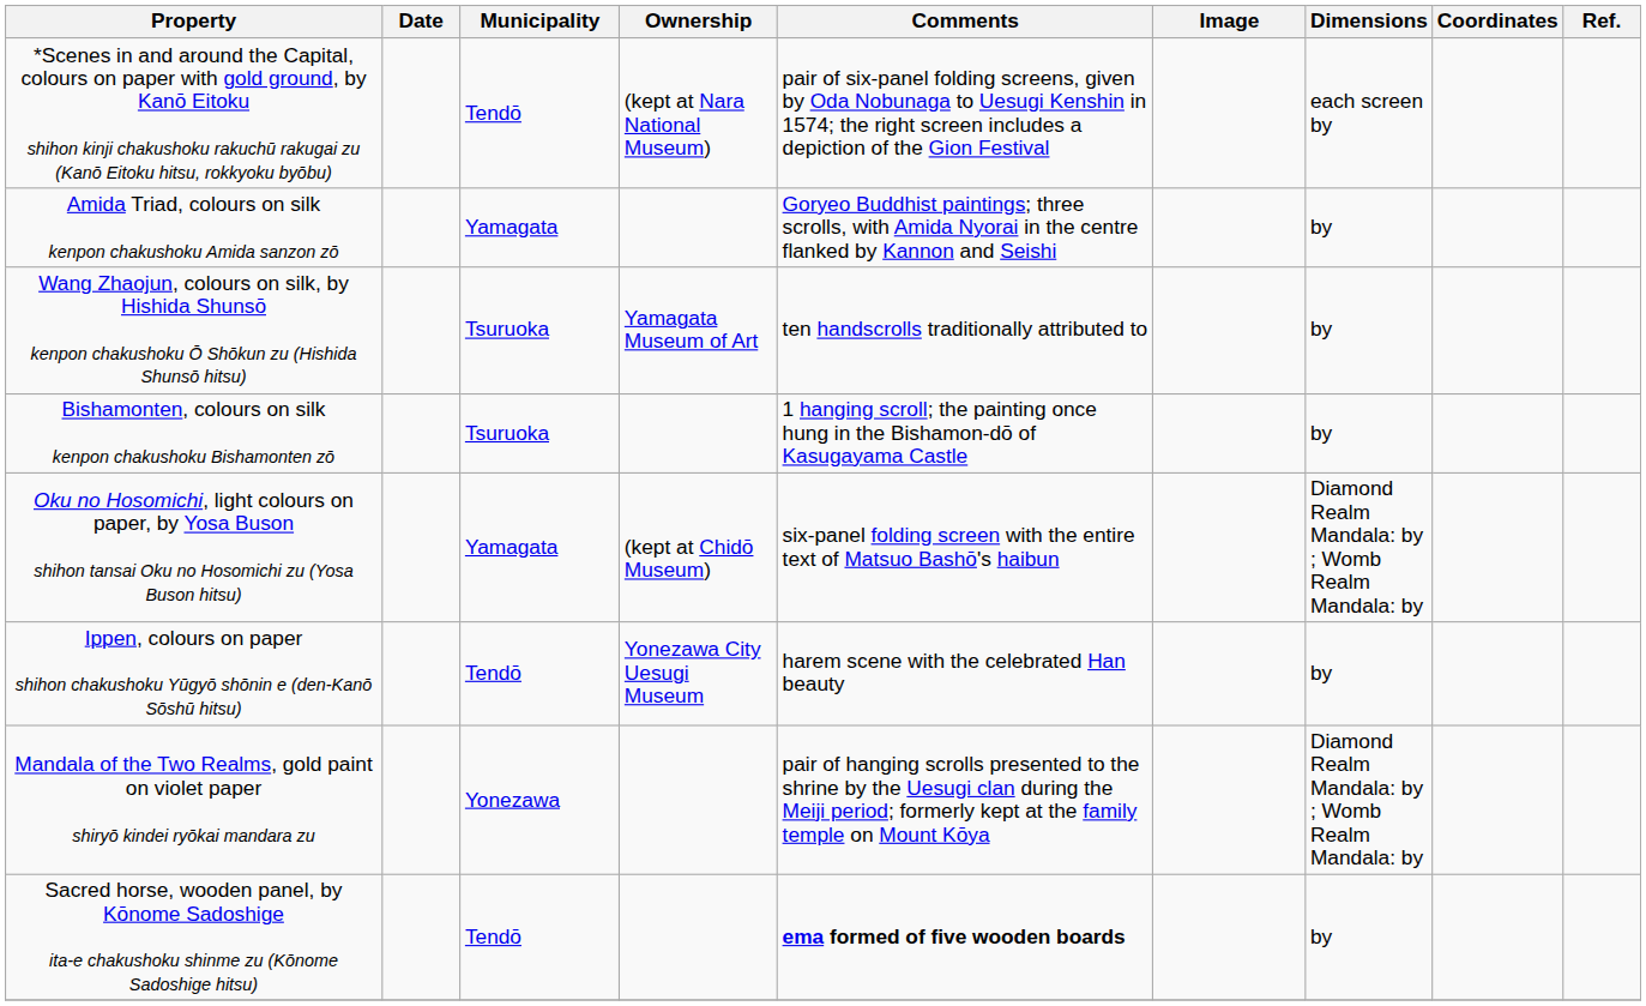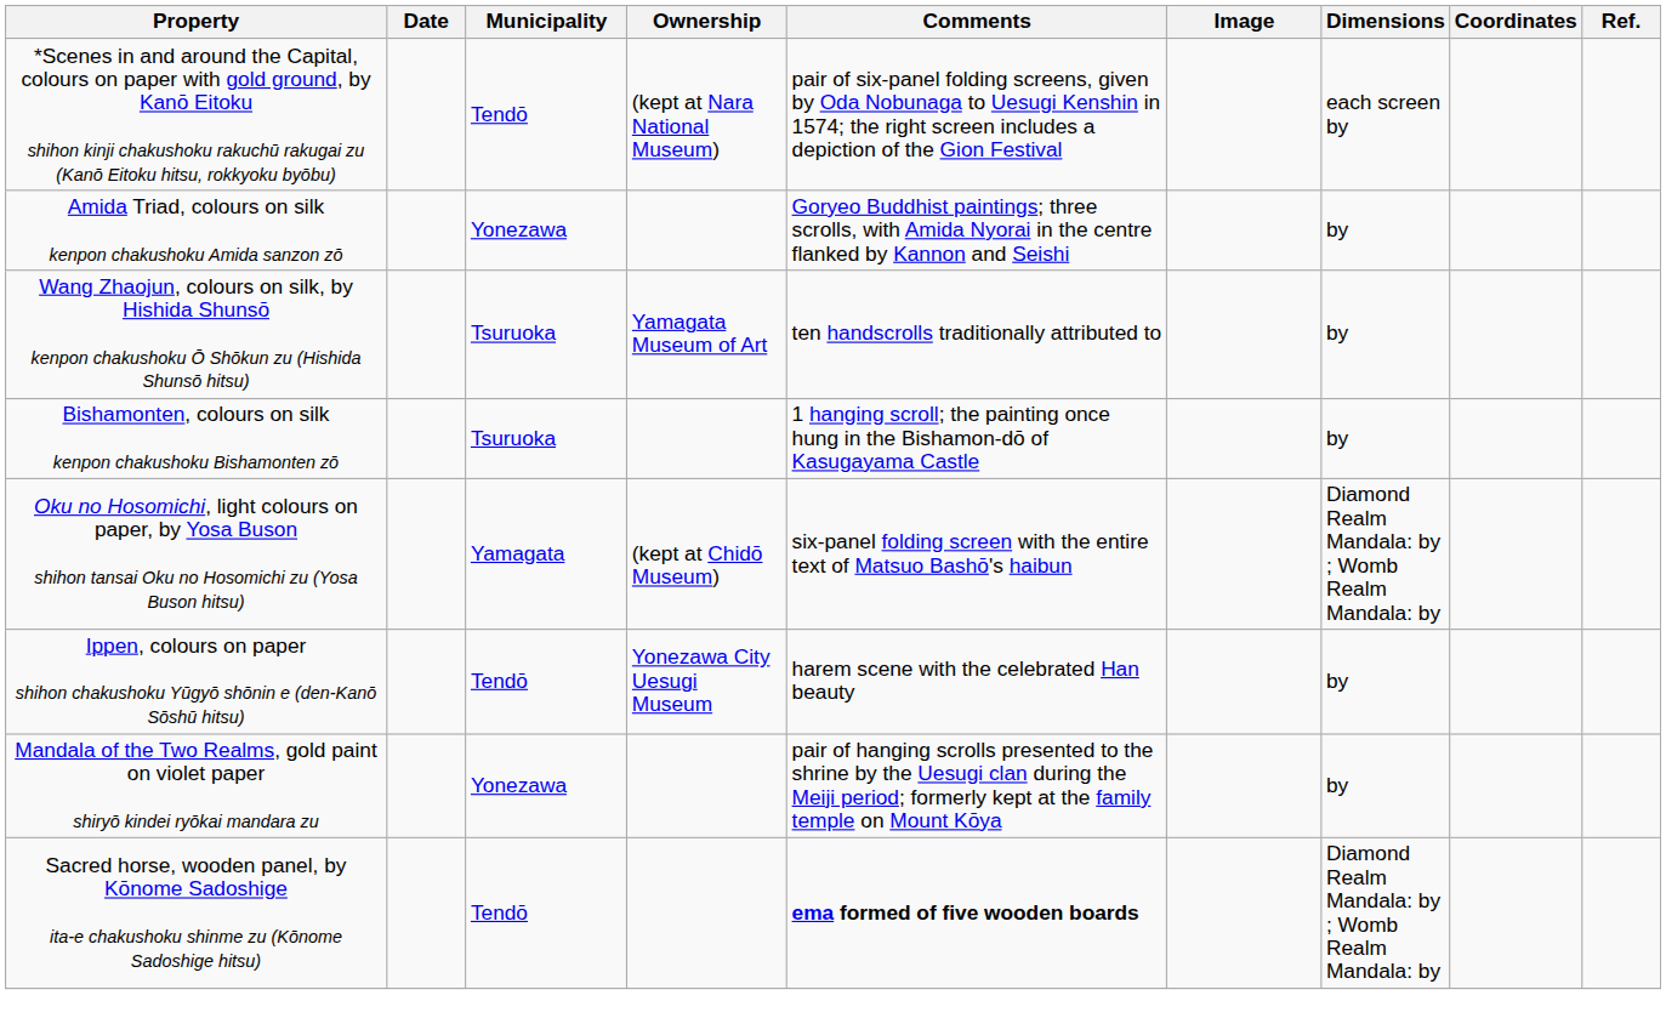 <table class="wikitable sortable"  style="width:100%;">
 <tr>
 <th width="25%" align="left">Property</th>
 <th width="5%" align="left">Date</th>
 <th width="10%" align="left">Municipality</th>
 <th width="10%" align="left">Ownership</th>
 <th width="25%" align="left" class="unsortable">Comments</th>
 <th width="10%" align="left" class="unsortable">Image</th>
 <th width="5%" align="left" class="unsortable">Dimensions</th>
 <th width="5%" align="left" class="unsortable">Coordinates</th>
 <th width="5%" align="left" class="unsortable">Ref.</th>
 </tr>
 <tr>
 <td align="center">*Scenes in and around the Capital, colours on paper with <a href='#'>gold ground</a>, by <a href='#'>Kanō Eitoku</a><br><br><small><em>shihon kinji chakushoku rakuchū rakugai zu (Kanō Eitoku hitsu, rokkyoku byōbu)</em></small></td>
 <td></td>
 <td><a href='#'>Tendō</a></td>
 <td><br>(kept at <a href='#'>Nara National Museum</a>)</td>
 <td>pair of six-panel folding screens, given by <a href='#'>Oda Nobunaga</a> to <a href='#'>Uesugi Kenshin</a> in 1574; the right screen includes a depiction of the <a href='#'>Gion Festival</a></td>
 <td> </td>
 <td>each screen  by </td>
 <td></td>
 <td></td>
 </tr>
 <tr>
 <td align="center"><a href='#'>Amida</a> Triad, colours on silk<br><br><small><em>kenpon chakushoku Amida sanzon zō</em></small></td>
 <td></td>
-<td><a href='#'>Yamagata</a></td>
+<td><a href='#'>Yonezawa</a></td>
 <td></td>
 <td><a href='#'>Goryeo Buddhist paintings</a>; three scrolls, with <a href='#'>Amida Nyorai</a> in the centre flanked by <a href='#'>Kannon</a> and <a href='#'>Seishi</a></td>
 <td></td>
 <td> by </td>
 <td></td>
 <td></td>
 </tr>
 <tr>
 <td align="center"><a href='#'>Wang Zhaojun</a>, colours on silk, by <a href='#'>Hishida Shunsō</a><br><br><small><em>kenpon chakushoku Ō Shōkun zu (Hishida Shunsō hitsu)</em></small></td>
 <td></td>
 <td><a href='#'>Tsuruoka</a></td>
 <td><a href='#'>Yamagata Museum of Art</a></td>
 <td>ten <a href='#'>handscrolls</a> traditionally attributed to </td>
 <td></td>
 <td> by </td>
 <td></td>
 <td></td>
 </tr>
 <tr>
 <td align="center"><a href='#'>Bishamonten</a>, colours on silk<br><br><small><em>kenpon chakushoku Bishamonten zō</em></small></td>
 <td></td>
 <td><a href='#'>Tsuruoka</a></td>
 <td></td>
 <td>1 <a href='#'>hanging scroll</a>; the painting once hung in the Bishamon-dō of <a href='#'>Kasugayama Castle</a></td>
 <td></td>
 <td> by </td>
 <td></td>
 <td></td>
 </tr>
 <tr>
 <td align="center"><em><a href='#'>Oku no Hosomichi</a></em>, light colours on paper, by <a href='#'>Yosa Buson</a><br><br><small><em>shihon tansai Oku no Hosomichi zu (Yosa Buson hitsu)</em></small></td>
 <td></td>
 <td><a href='#'>Yamagata</a></td>
 <td><br>(kept at <a href='#'>Chidō Museum</a>)</td>
 <td>six-panel <a href='#'>folding screen</a> with the entire text of <a href='#'>Matsuo Bashō</a>'s <a href='#'>haibun</a></td>
 <td></td>
 <td>Diamond Realm Mandala:  by ; Womb Realm Mandala:  by </td>
 <td></td>
 <td></td>
 </tr>
 <tr>
 <td align="center"><a href='#'>Ippen</a>, colours on paper<br><br><small><em>shihon chakushoku Yūgyō shōnin e (den-Kanō Sōshū hitsu)</em></small></td>
 <td></td>
 <td><a href='#'>Tendō</a></td>
 <td><a href='#'>Yonezawa City Uesugi Museum</a></td>
 <td>harem scene with the celebrated <a href='#'>Han</a> beauty</td>
 <td></td>
 <td> by </td>
 <td></td>
 <td></td>
 </tr>
 <tr>
 <td align="center"><a href='#'>Mandala of the Two Realms</a>, gold paint on violet paper<br><br><small><em>shiryō kindei ryōkai mandara zu</em></small></td>
 <td></td>
 <td><a href='#'>Yonezawa</a></td>
 <td></td>
 <td>pair of hanging scrolls presented to the shrine by the <a href='#'>Uesugi clan</a> during the <a href='#'>Meiji period</a>; formerly kept at the <a href='#'>family temple</a> on <a href='#'>Mount Kōya</a></td>
 <td></td>
-<td>Diamond Realm Mandala:  by ; Womb Realm Mandala:  by </td>
+<td> by </td>
 <td></td>
 <td></td>
 </tr>
 <tr>
 <td align="center">Sacred horse, wooden panel, by <a href='#'>Kōnome Sadoshige</a><br><br><small><em>ita-e chakushoku shinme zu (Kōnome Sadoshige hitsu)</em></small></td>
 <td></td>
 <td><a href='#'>Tendō</a></td>
 <td></td>
 <td><strong><a href='#'>ema</a> formed of five wooden boards</strong></td>
 <td></td>
-<td> by </td>
+<td>Diamond Realm Mandala:  by ; Womb Realm Mandala:  by </td>
 <td></td>
 <td></td>
 </tr>
 <tr>
 </tr>
 </table>
